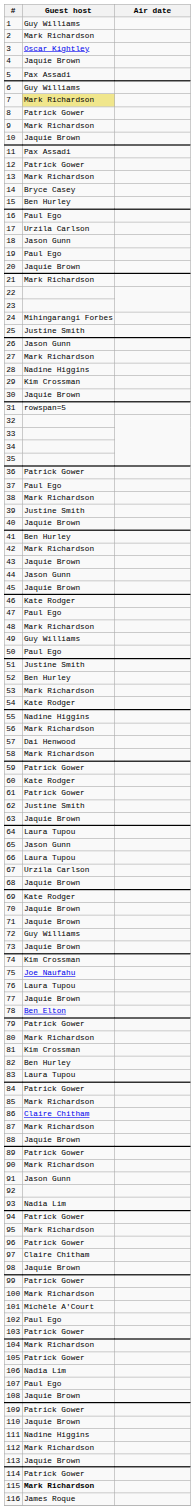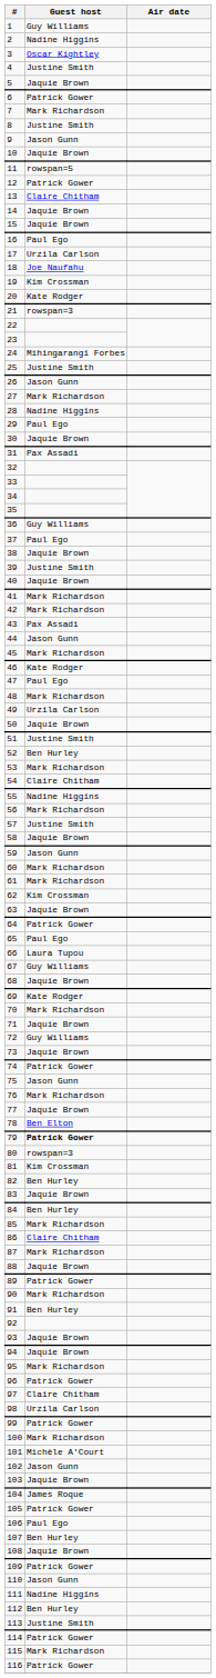 <table class="wikitable plainrowheaders">
 <tr>
 <th scope="col"  width="20">#</th>
 <th scope="col">Guest host</th>
 <th scope="col"  width="120">Air date</th>
 </tr>
 <tr>
 <td>1</td>
 <td>Guy Williams</td>
 <td></td>
 </tr>
 <tr>
 <td>2</td>
-<td>Mark Richardson</td>
+<td>Nadine Higgins</td>
 <td></td>
 </tr>
 <tr>
 <td>3</td>
 <td><a href='#'>Oscar Kightley</a></td>
 <td></td>
 </tr>
 <tr>
 <td>4</td>
-<td>Jaquie Brown</td>
+<td>Justine Smith</td>
 <td></td>
 </tr>
 <tr style="border-bottom: 2px solid black">
 <td>5</td>
-<td>Pax Assadi</td>
+<td>Jaquie Brown</td>
 <td></td>
 </tr>
 <tr>
 <td>6</td>
-<td>Guy Williams</td>
+<td>Patrick Gower</td>
 <td></td>
 </tr>
 <tr>
 <td>7</td>
-<td style="background: khaki;">Mark Richardson</td>
+<td>Mark Richardson</td>
 <td></td>
 </tr>
 <tr>
 <td>8</td>
-<td>Patrick Gower</td>
+<td>Justine Smith</td>
 <td></td>
 </tr>
 <tr>
 <td>9</td>
-<td>Mark Richardson</td>
+<td>Jason Gunn</td>
 <td></td>
 </tr>
 <tr style="border-bottom: 2px solid black">
 <td>10</td>
 <td>Jaquie Brown</td>
 <td></td>
 </tr>
 <tr>
 <td>11</td>
-<td>Pax Assadi</td>
+<td>rowspan=5 </td>
 <td></td>
 </tr>
 <tr>
 <td>12</td>
 <td>Patrick Gower</td>
 <td></td>
 </tr>
 <tr>
 <td>13</td>
-<td>Mark Richardson</td>
+<td><a href='#'>Claire Chitham</a></td>
 <td></td>
 </tr>
 <tr>
 <td>14</td>
-<td>Bryce Casey</td>
+<td>Jaquie Brown</td>
 <td></td>
 </tr>
 <tr style="border-bottom: 2px solid black">
 <td>15</td>
-<td>Ben Hurley</td>
+<td>Jaquie Brown</td>
 <td></td>
 </tr>
 <tr>
 <td>16</td>
 <td>Paul Ego</td>
 <td></td>
 </tr>
 <tr>
 <td>17</td>
 <td>Urzila Carlson</td>
 <td></td>
 </tr>
 <tr>
 <td>18</td>
-<td>Jason Gunn</td>
+<td><a href='#'>Joe Naufahu</a></td>
 <td></td>
 </tr>
 <tr>
 <td>19</td>
-<td>Paul Ego</td>
+<td>Kim Crossman</td>
 <td></td>
 </tr>
 <tr style="border-bottom: 2px solid black">
 <td>20</td>
-<td>Jaquie Brown</td>
+<td>Kate Rodger</td>
 <td></td>
 </tr>
 <tr>
 <td>21</td>
-<td>Mark Richardson</td>
+<td>rowspan=3 </td>
 <td></td>
 </tr>
 <tr>
 <td>22</td>
 <td></td>
 </tr>
 <tr>
 <td>23</td>
 <td></td>
 </tr>
 <tr>
 <td>24</td>
 <td>Mihingarangi Forbes</td>
 <td></td>
 </tr>
 <tr style="border-bottom: 2px solid black">
 <td>25</td>
 <td>Justine Smith</td>
 <td></td>
 </tr>
 <tr>
 <td>26</td>
 <td>Jason Gunn</td>
 <td></td>
 </tr>
 <tr>
 <td>27</td>
 <td>Mark Richardson</td>
 <td></td>
 </tr>
 <tr>
 <td>28</td>
 <td>Nadine Higgins</td>
 <td></td>
 </tr>
 <tr>
 <td>29</td>
-<td>Kim Crossman</td>
+<td>Paul Ego</td>
 <td></td>
 </tr>
 <tr style="border-bottom: 2px solid black">
 <td>30</td>
 <td>Jaquie Brown</td>
 <td></td>
 </tr>
 <tr>
 <td>31</td>
-<td>rowspan=5 </td>
+<td>Pax Assadi</td>
 <td></td>
 </tr>
 <tr>
 <td>32</td>
 <td></td>
 </tr>
 <tr>
 <td>33</td>
 <td></td>
 </tr>
 <tr>
 <td>34</td>
 <td></td>
 </tr>
 <tr style="border-bottom: 2px solid black">
 <td>35</td>
 <td></td>
 </tr>
 <tr>
 <td>36</td>
-<td>Patrick Gower</td>
+<td>Guy Williams</td>
 <td></td>
 </tr>
 <tr>
 <td>37</td>
 <td>Paul Ego</td>
 <td></td>
 </tr>
 <tr>
 <td>38</td>
-<td>Mark Richardson</td>
+<td>Jaquie Brown</td>
 <td></td>
 </tr>
 <tr>
 <td>39</td>
 <td>Justine Smith</td>
 <td></td>
 </tr>
 <tr style="border-bottom: 2px solid black">
 <td>40</td>
 <td>Jaquie Brown</td>
 <td></td>
 </tr>
 <tr>
 <td>41</td>
-<td>Ben Hurley</td>
+<td>Mark Richardson</td>
 <td></td>
 </tr>
 <tr>
 <td>42</td>
 <td>Mark Richardson</td>
 <td></td>
 </tr>
 <tr>
 <td>43</td>
-<td>Jaquie Brown</td>
+<td>Pax Assadi</td>
 <td></td>
 </tr>
 <tr>
 <td>44</td>
 <td>Jason Gunn</td>
 <td></td>
 </tr>
 <tr style="border-bottom: 2px solid black">
 <td>45</td>
-<td>Jaquie Brown</td>
+<td>Mark Richardson</td>
 <td></td>
 </tr>
 <tr>
 <td>46</td>
 <td>Kate Rodger</td>
 <td></td>
 </tr>
 <tr>
 <td>47</td>
 <td>Paul Ego</td>
 <td></td>
 </tr>
 <tr>
 <td>48</td>
 <td>Mark Richardson</td>
 <td></td>
 </tr>
 <tr>
 <td>49</td>
-<td>Guy Williams</td>
+<td>Urzila Carlson</td>
 <td></td>
 </tr>
 <tr style="border-bottom: 2px solid black">
 <td>50</td>
-<td>Paul Ego</td>
+<td>Jaquie Brown</td>
 <td></td>
 </tr>
 <tr>
 <td>51</td>
 <td>Justine Smith</td>
 <td></td>
 </tr>
 <tr>
 <td>52</td>
 <td>Ben Hurley</td>
 <td></td>
 </tr>
 <tr>
 <td>53</td>
 <td>Mark Richardson</td>
 <td></td>
 </tr>
 <tr style="border-bottom: 2px solid black">
 <td>54</td>
-<td>Kate Rodger</td>
+<td>Claire Chitham</td>
 <td></td>
 </tr>
 <tr>
 <td>55</td>
 <td>Nadine Higgins</td>
 <td></td>
 </tr>
 <tr>
 <td>56</td>
 <td>Mark Richardson</td>
 <td></td>
 </tr>
 <tr>
 <td>57</td>
-<td>Dai Henwood</td>
+<td>Justine Smith</td>
 <td></td>
 </tr>
 <tr style="border-bottom: 2px solid black">
 <td>58</td>
+<td>Jaquie Brown</td>
+<td></td>
+</tr>
+<tr>
+<td>59</td>
+<td>Jason Gunn</td>
+<td></td>
+</tr>
+<tr>
+<td>60</td>
 <td>Mark Richardson</td>
 <td></td>
 </tr>
 <tr>
-<td>59</td>
-<td>Patrick Gower</td>
-<td></td>
-</tr>
-<tr>
-<td>60</td>
-<td>Kate Rodger</td>
-<td></td>
-</tr>
-<tr>
 <td>61</td>
-<td>Patrick Gower</td>
+<td>Mark Richardson</td>
 <td></td>
 </tr>
 <tr>
 <td>62</td>
-<td>Justine Smith</td>
+<td>Kim Crossman</td>
 <td></td>
 </tr>
 <tr style="border-bottom: 2px solid black">
 <td>63</td>
 <td>Jaquie Brown</td>
 <td></td>
 </tr>
 <tr>
 <td>64</td>
-<td>Laura Tupou</td>
+<td>Patrick Gower</td>
 <td></td>
 </tr>
 <tr>
 <td>65</td>
-<td>Jason Gunn</td>
+<td>Paul Ego</td>
 <td></td>
 </tr>
 <tr>
 <td>66</td>
 <td>Laura Tupou</td>
 <td></td>
 </tr>
 <tr>
 <td>67</td>
-<td>Urzila Carlson</td>
+<td>Guy Williams</td>
 <td></td>
 </tr>
 <tr style="border-bottom: 2px solid black">
 <td>68</td>
 <td>Jaquie Brown</td>
 <td></td>
 </tr>
 <tr>
 <td>69</td>
 <td>Kate Rodger</td>
 <td></td>
 </tr>
 <tr>
 <td>70</td>
-<td>Jaquie Brown</td>
+<td>Mark Richardson</td>
 <td></td>
 </tr>
 <tr>
 <td>71</td>
 <td>Jaquie Brown</td>
 <td></td>
 </tr>
 <tr>
 <td>72</td>
 <td>Guy Williams</td>
 <td></td>
 </tr>
 <tr style="border-bottom: 2px solid black">
 <td>73</td>
 <td>Jaquie Brown</td>
 <td></td>
 </tr>
 <tr>
 <td>74</td>
-<td>Kim Crossman</td>
+<td>Patrick Gower</td>
 <td></td>
 </tr>
 <tr>
 <td>75</td>
-<td><a href='#'>Joe Naufahu</a></td>
+<td>Jason Gunn</td>
 <td></td>
 </tr>
 <tr>
 <td>76</td>
-<td>Laura Tupou</td>
+<td>Mark Richardson</td>
 <td></td>
 </tr>
 <tr>
 <td>77</td>
 <td>Jaquie Brown</td>
 <td></td>
 </tr>
 <tr style="border-bottom: 2px solid black">
 <td>78</td>
 <td><a href='#'>Ben Elton</a></td>
 <td></td>
 </tr>
 <tr>
 <td>79</td>
-<td>Patrick Gower</td>
+<td><strong>Patrick Gower</strong></td>
 <td></td>
 </tr>
 <tr>
 <td>80</td>
-<td>Mark Richardson</td>
+<td>rowspan=3 </td>
 <td></td>
 </tr>
 <tr>
 <td>81</td>
 <td>Kim Crossman</td>
 <td></td>
 </tr>
 <tr>
 <td>82</td>
 <td>Ben Hurley</td>
 <td></td>
 </tr>
 <tr style="border-bottom: 2px solid black">
 <td>83</td>
-<td>Laura Tupou</td>
+<td>Jaquie Brown</td>
 <td></td>
 </tr>
 <tr>
 <td>84</td>
-<td>Patrick Gower</td>
+<td>Ben Hurley</td>
 <td></td>
 </tr>
 <tr>
 <td>85</td>
 <td>Mark Richardson</td>
 <td></td>
 </tr>
 <tr>
 <td>86</td>
 <td><a href='#'>Claire Chitham</a></td>
 <td></td>
 </tr>
 <tr>
 <td>87</td>
 <td>Mark Richardson</td>
 <td></td>
 </tr>
 <tr style="border-bottom: 2px solid black">
 <td>88</td>
 <td>Jaquie Brown</td>
 <td></td>
 </tr>
 <tr>
 <td>89</td>
 <td>Patrick Gower</td>
 <td></td>
 </tr>
 <tr>
 <td>90</td>
 <td>Mark Richardson</td>
 <td></td>
 </tr>
 <tr>
 <td>91</td>
-<td>Jason Gunn</td>
+<td>Ben Hurley</td>
 <td></td>
 </tr>
 <tr>
 <td>92</td>
 <td></td>
 <td></td>
 </tr>
 <tr style="border-bottom: 2px solid black">
 <td>93</td>
-<td>Nadia Lim</td>
+<td>Jaquie Brown</td>
 <td></td>
 </tr>
 <tr>
 <td>94</td>
-<td>Patrick Gower</td>
+<td>Jaquie Brown</td>
 <td></td>
 </tr>
 <tr>
 <td>95</td>
 <td>Mark Richardson</td>
 <td></td>
 </tr>
 <tr>
 <td>96</td>
 <td>Patrick Gower</td>
 <td></td>
 </tr>
 <tr>
 <td>97</td>
 <td>Claire Chitham</td>
 <td></td>
 </tr>
 <tr style="border-bottom: 2px solid black">
 <td>98</td>
-<td>Jaquie Brown</td>
+<td>Urzila Carlson</td>
 <td></td>
 </tr>
 <tr>
 <td>99</td>
 <td>Patrick Gower</td>
 <td></td>
 </tr>
 <tr>
 <td>100</td>
 <td>Mark Richardson</td>
 <td></td>
 </tr>
 <tr>
 <td>101</td>
 <td>Michèle A'Court</td>
 <td></td>
 </tr>
 <tr>
 <td>102</td>
-<td>Paul Ego</td>
+<td>Jason Gunn</td>
 <td></td>
 </tr>
 <tr style="border-bottom: 2px solid black">
 <td>103</td>
-<td>Patrick Gower</td>
+<td>Jaquie Brown</td>
 <td></td>
 </tr>
 <tr>
 <td>104</td>
-<td>Mark Richardson</td>
+<td>James Roque</td>
 <td></td>
 </tr>
 <tr>
 <td>105</td>
 <td>Patrick Gower</td>
 <td></td>
 </tr>
 <tr>
 <td>106</td>
-<td>Nadia Lim</td>
+<td>Paul Ego</td>
 <td></td>
 </tr>
 <tr>
 <td>107</td>
-<td>Paul Ego</td>
+<td>Ben Hurley</td>
 <td></td>
 </tr>
 <tr style="border-bottom: 2px solid black">
 <td>108</td>
 <td>Jaquie Brown</td>
 <td></td>
 </tr>
 <tr>
 <td>109</td>
 <td>Patrick Gower</td>
 <td></td>
 </tr>
 <tr>
 <td>110</td>
-<td>Jaquie Brown</td>
+<td>Jason Gunn</td>
 <td></td>
 </tr>
 <tr>
 <td>111</td>
 <td>Nadine Higgins</td>
 <td></td>
 </tr>
 <tr>
 <td>112</td>
-<td>Mark Richardson</td>
+<td>Ben Hurley</td>
 <td></td>
 </tr>
 <tr style="border-bottom: 2px solid black">
 <td>113</td>
-<td>Jaquie Brown</td>
+<td>Justine Smith</td>
 <td></td>
 </tr>
 <tr>
 <td>114</td>
 <td>Patrick Gower</td>
 <td></td>
 </tr>
 <tr>
 <td>115</td>
-<td><strong>Mark Richardson</strong></td>
+<td>Mark Richardson</td>
 <td></td>
 </tr>
 <tr>
 <td>116</td>
-<td>James Roque</td>
+<td>Patrick Gower</td>
 <td></td>
 </tr>
 <tr>
 </tr>
 </table>
